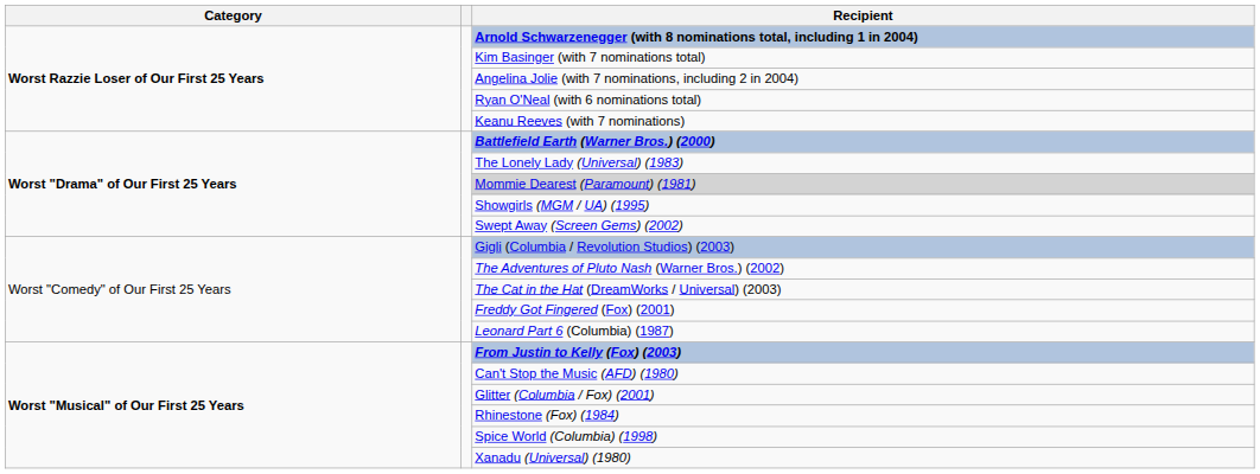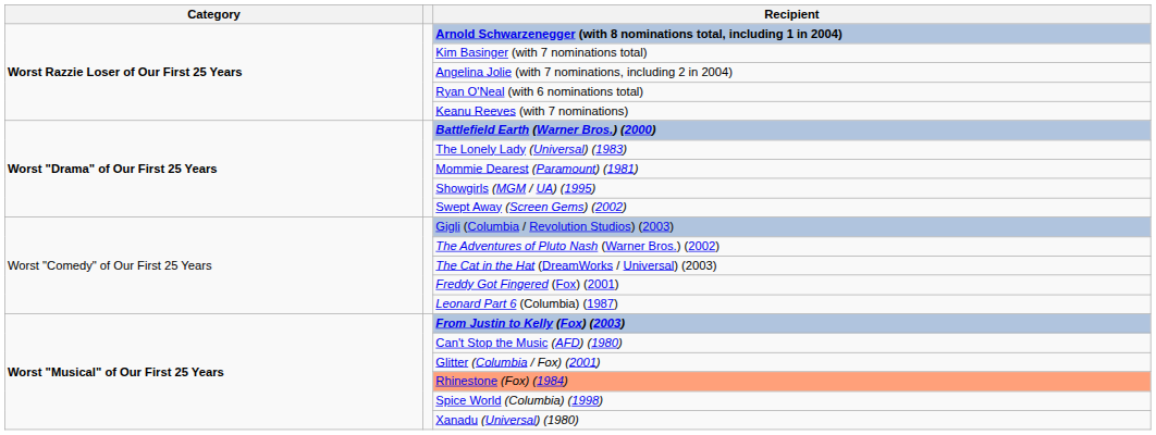 <table class="wikitable" width="95%" align="centre">
 <tr>
 <th>Category</th>
 <th></th>
 <th>Recipient</th>
 </tr>
 <tr>
 <td rowspan=5><strong>Worst Razzie Loser of Our First 25 Years</strong></td>
 <td rowspan=5></td>
 <td style="background:#B0C4DE;"><strong><a href='#'>Arnold Schwarzenegger</a> (with 8 nominations total, including 1 in 2004)</strong></td>
 </tr>
 <tr>
 <td><a href='#'>Kim Basinger</a> (with 7 nominations total)</td>
 </tr>
 <tr>
 <td><a href='#'>Angelina Jolie</a> (with 7 nominations, including 2 in 2004)</td>
 </tr>
 <tr>
 <td><a href='#'>Ryan O'Neal</a> (with 6 nominations total)</td>
 </tr>
 <tr>
 <td><a href='#'>Keanu Reeves</a> (with 7 nominations)</td>
 </tr>
 <tr>
 <td rowspan=5><strong>Worst "Drama" of Our First 25 Years</strong></td>
 <td rowspan=5></td>
 <td style="background:#B0C4DE;"><strong><em><a href='#'>Battlefield Earth</a><em> (<a href='#'>Warner Bros.</a>) (<a href='#'>2000</a>)<strong></td>
 </tr>
 <tr>
 <td></em><a href='#'>The Lonely Lady</a><em> (<a href='#'>Universal</a>) (<a href='#'>1983</a>)</td>
 </tr>
 <tr>
-<td style="background: lightgrey;"></em><a href='#'>Mommie Dearest</a><em> (<a href='#'>Paramount</a>) (<a href='#'>1981</a>)</td>
+<td></em><a href='#'>Mommie Dearest</a><em> (<a href='#'>Paramount</a>) (<a href='#'>1981</a>)</td>
 </tr>
 <tr>
 <td></em><a href='#'>Showgirls</a><em> (<a href='#'>MGM</a> / <a href='#'>UA</a>) (<a href='#'>1995</a>)</td>
 </tr>
 <tr>
 <td></em><a href='#'>Swept Away</a><em> (<a href='#'>Screen Gems</a>) (<a href='#'>2002</a>)</td>
 </tr>
 <tr>
 <td rowspan=5></strong>Worst "Comedy" of Our First 25 Years<strong></td>
 <td rowspan=5></td>
 <td style="background:#B0C4DE;"></em></strong><a href='#'>Gigli</a></em> (<a href='#'>Columbia</a> / <a href='#'>Revolution Studios</a>) (<a href='#'>2003</a>)</strong></td>
 </tr>
 <tr>
 <td><em><a href='#'>The Adventures of Pluto Nash</a></em> (<a href='#'>Warner Bros.</a>) (<a href='#'>2002</a>)</td>
 </tr>
 <tr>
 <td><em><a href='#'>The Cat in the Hat</a></em> (<a href='#'>DreamWorks</a> / <a href='#'>Universal</a>) (2003)</td>
 </tr>
 <tr>
 <td><em><a href='#'>Freddy Got Fingered</a></em> (<a href='#'>Fox</a>) (<a href='#'>2001</a>)</td>
 </tr>
 <tr>
 <td><em><a href='#'>Leonard Part 6</a></em> (Columbia) (<a href='#'>1987</a>)</td>
 </tr>
 <tr>
 <td rowspan=6><strong>Worst "Musical" of Our First 25 Years</strong></td>
 <td rowspan=6></td>
 <td style="background:#B0C4DE;"><strong><em><a href='#'>From Justin to Kelly</a><em> (<a href='#'>Fox</a>) (<a href='#'>2003</a>)<strong></td>
 </tr>
 <tr>
 <td></em><a href='#'>Can't Stop the Music</a><em> (<a href='#'>AFD</a>) (<a href='#'>1980</a>)</td>
 </tr>
 <tr>
 <td></em><a href='#'>Glitter</a><em> (<a href='#'>Columbia</a> / Fox) (<a href='#'>2001</a>)</td>
 </tr>
 <tr>
-<td></em><a href='#'>Rhinestone</a><em> (Fox) (<a href='#'>1984</a>)</td>
+<td style="background: lightsalmon;"></em><a href='#'>Rhinestone</a><em> (Fox) (<a href='#'>1984</a>)</td>
 </tr>
 <tr>
 <td></em><a href='#'>Spice World</a><em> (Columbia) (<a href='#'>1998</a>)</td>
 </tr>
 <tr>
 <td></em><a href='#'>Xanadu</a><em> (<a href='#'>Universal</a>) (1980)</td>
 </tr>
 </table>
